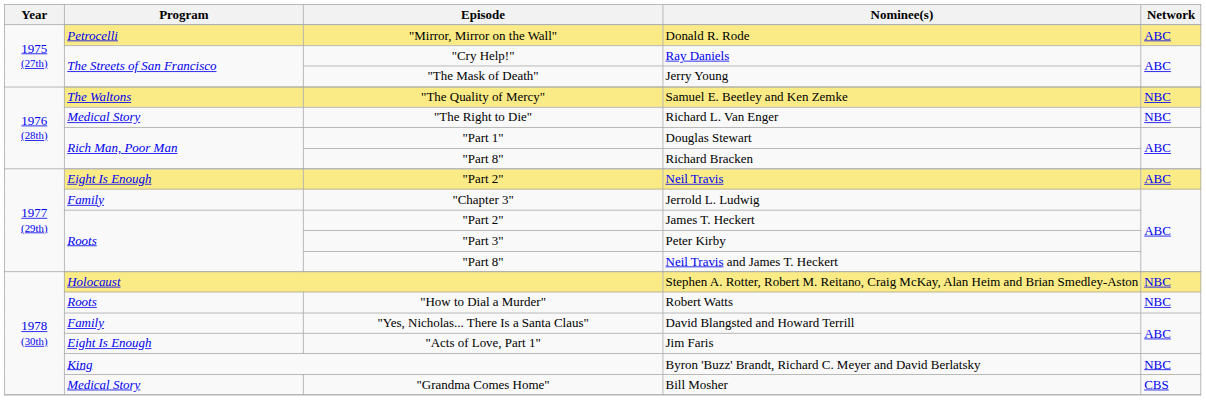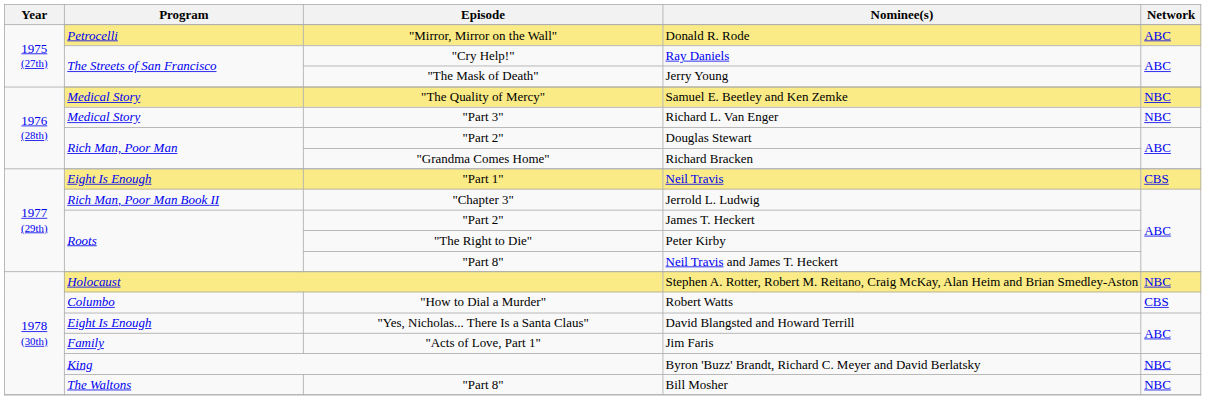 <table class="wikitable">
 <tr>
 <th width="5%">Year</th>
 <th width="20%">Program</th>
 <th width="30%">Episode</th>
 <th width="40%">Nominee(s)</th>
 <th width="5%">Network</th>
 </tr>
 <tr>
 <td rowspan=4 style="text-align:center;"><a href='#'>1975</a><br><small><a href='#'>(27th)</a></small><br></td>
 </tr>
 <tr style="background:#FAEB86;">
 <td><em><a href='#'>Petrocelli</a></em></td>
 <td align=center>"Mirror, Mirror on the Wall"</td>
 <td>Donald R. Rode</td>
 <td><a href='#'>ABC</a></td>
 </tr>
 <tr>
 <td rowspan=2><em><a href='#'>The Streets of San Francisco</a></em></td>
 <td align=center>"Cry Help!"</td>
 <td><a href='#'>Ray Daniels</a></td>
 <td rowspan=2><a href='#'>ABC</a></td>
 </tr>
 <tr>
 <td align=center>"The Mask of Death"</td>
 <td>Jerry Young</td>
 </tr>
 <tr>
 <td rowspan=5 style="text-align:center;"><a href='#'>1976</a><br><small><a href='#'>(28th)</a></small><br></td>
 </tr>
 <tr style="background:#FAEB86;">
-<td><em><a href='#'>The Waltons</a></em></td>
+<td><em><a href='#'>Medical Story</a></em></td>
 <td align=center>"The Quality of Mercy"</td>
 <td>Samuel E. Beetley and Ken Zemke</td>
 <td><a href='#'>NBC</a></td>
 </tr>
 <tr>
 <td><em><a href='#'>Medical Story</a></em></td>
-<td align=center>"The Right to Die"</td>
+<td align=center>"Part 3"</td>
 <td>Richard L. Van Enger</td>
 <td><a href='#'>NBC</a></td>
 </tr>
 <tr>
 <td rowspan=2><em><a href='#'>Rich Man, Poor Man</a></em></td>
-<td align=center>"Part 1"</td>
+<td align=center>"Part 2"</td>
 <td>Douglas Stewart</td>
 <td rowspan=2><a href='#'>ABC</a></td>
 </tr>
 <tr>
-<td align=center>"Part 8"</td>
+<td align=center>"Grandma Comes Home"</td>
 <td>Richard Bracken</td>
 </tr>
 <tr>
 <td rowspan=6 style="text-align:center;"><a href='#'>1977</a><br><small><a href='#'>(29th)</a></small><br></td>
 </tr>
 <tr style="background:#FAEB86;">
 <td><em><a href='#'>Eight Is Enough</a></em></td>
-<td align=center>"Part 2"</td>
+<td align=center>"Part 1"</td>
 <td><a href='#'>Neil Travis</a></td>
-<td><a href='#'>ABC</a></td>
+<td><a href='#'>CBS</a></td>
 </tr>
 <tr>
-<td><em><a href='#'>Family</a></em></td>
+<td><em><a href='#'>Rich Man, Poor Man Book II</a></em></td>
 <td align=center>"Chapter 3"</td>
 <td>Jerrold L. Ludwig</td>
 <td rowspan=4><a href='#'>ABC</a></td>
 </tr>
 <tr>
 <td rowspan=3><em><a href='#'>Roots</a></em></td>
 <td align=center>"Part 2"</td>
 <td>James T. Heckert</td>
 </tr>
 <tr>
-<td align=center>"Part 3"</td>
+<td align=center>"The Right to Die"</td>
 <td>Peter Kirby</td>
 </tr>
 <tr>
 <td align=center>"Part 8"</td>
 <td><a href='#'>Neil Travis</a> and James T. Heckert</td>
 </tr>
 <tr>
 <td rowspan=7 style="text-align:center;"><a href='#'>1978</a><br><small><a href='#'>(30th)</a></small><br></td>
 </tr>
 <tr style="background:#FAEB86;">
 <td colspan=2><em><a href='#'>Holocaust</a></em></td>
 <td>Stephen A. Rotter, Robert M. Reitano, Craig McKay, Alan Heim and Brian Smedley-Aston</td>
 <td><a href='#'>NBC</a></td>
 </tr>
 <tr>
-<td><em><a href='#'>Roots</a></em></td>
+<td><em><a href='#'>Columbo</a></em></td>
 <td align=center>"How to Dial a Murder"</td>
 <td>Robert Watts</td>
-<td><a href='#'>NBC</a></td>
+<td><a href='#'>CBS</a></td>
 </tr>
 <tr>
-<td><em><a href='#'>Family</a></em></td>
+<td><em><a href='#'>Eight Is Enough</a></em></td>
 <td align=center>"Yes, Nicholas... There Is a Santa Claus"</td>
 <td>David Blangsted and Howard Terrill</td>
 <td rowspan=2><a href='#'>ABC</a></td>
 </tr>
 <tr>
-<td><em><a href='#'>Eight Is Enough</a></em></td>
+<td><em><a href='#'>Family</a></em></td>
 <td align=center>"Acts of Love, Part 1"</td>
 <td>Jim Faris</td>
 </tr>
 <tr>
 <td colspan=2><em><a href='#'>King</a></em></td>
 <td>Byron 'Buzz' Brandt, Richard C. Meyer and David Berlatsky</td>
 <td><a href='#'>NBC</a></td>
 </tr>
 <tr>
-<td><em><a href='#'>Medical Story</a></em></td>
-<td align=center>"Grandma Comes Home"</td>
+<td><em><a href='#'>The Waltons</a></em></td>
+<td align=center>"Part 8"</td>
 <td>Bill Mosher</td>
-<td><a href='#'>CBS</a></td>
+<td><a href='#'>NBC</a></td>
 </tr>
 <tr>
 </tr>
 </table>
